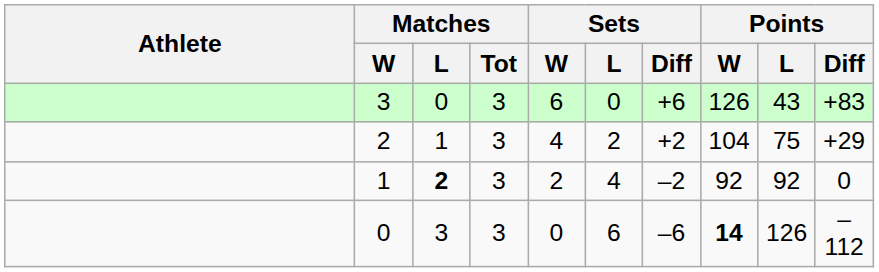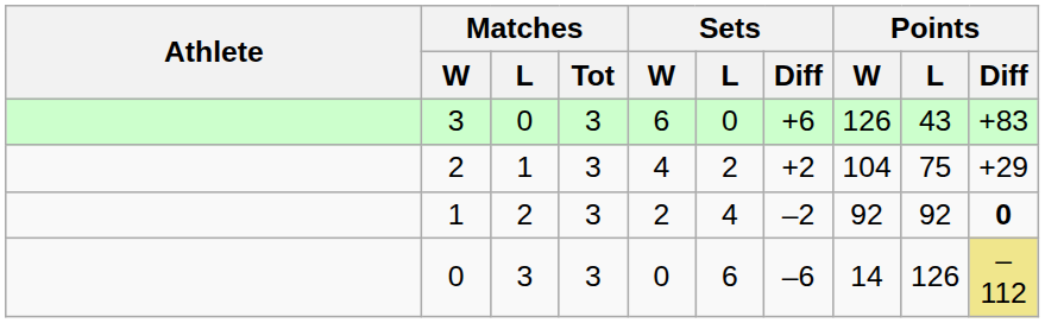 <table class=wikitable style="text-align:center">
 <tr>
 <th rowspan=2 width=220>Athlete</th>
 <th colspan=3 width=90>Matches</th>
 <th colspan=3 width=90>Sets</th>
 <th colspan=3 width=90>Points</th>
 </tr>
 <tr>
 <th width=30>W</th>
 <th width=30>L</th>
 <th width=30>Tot</th>
 <th width=30>W</th>
 <th width=30>L</th>
 <th width=30>Diff</th>
 <th width=30>W</th>
 <th width=30>L</th>
 <th width=30>Diff</th>
 </tr>
 <tr bgcolor=ccffcc>
 <td style="text-align:left"></td>
 <td>3</td>
 <td>0</td>
 <td>3</td>
 <td>6</td>
 <td>0</td>
 <td>+6</td>
 <td>126</td>
 <td>43</td>
 <td>+83</td>
 </tr>
 <tr>
 <td style="text-align:left"></td>
 <td>2</td>
 <td>1</td>
 <td>3</td>
 <td>4</td>
 <td>2</td>
 <td>+2</td>
 <td>104</td>
 <td>75</td>
 <td>+29</td>
 </tr>
 <tr>
 <td style="text-align:left"></td>
 <td>1</td>
-<td><strong>2</strong></td>
+<td>2</td>
 <td>3</td>
 <td>2</td>
 <td>4</td>
 <td>–2</td>
 <td>92</td>
 <td>92</td>
-<td>0</td>
+<td><strong>0</strong></td>
 </tr>
 <tr>
 <td style="text-align:left"></td>
 <td>0</td>
 <td>3</td>
 <td>3</td>
 <td>0</td>
 <td>6</td>
 <td>–6</td>
-<td><strong>14</strong></td>
+<td>14</td>
 <td>126</td>
-<td>–112</td>
+<td style="background: khaki;">–112</td>
 </tr>
 </table>
